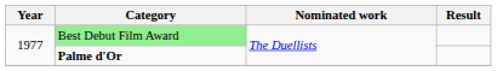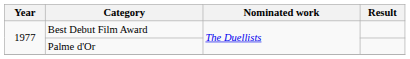 <table class=wikitable>
 <tr>
 <th scope="col" style="width:5em;">Year</th>
 <th scope="col" style="width:26em;">Category</th>
 <th scope="col" style="width:25em;">Nominated work</th>
 <th scope="col" style="width:5em;">Result</th>
 </tr>
 <tr>
 <td style="text-align:center;", rowspan=2>1977</td>
-<td style="background: lightgreen;">Best Debut Film Award</td>
+<td>Best Debut Film Award</td>
 <td rowspan=2><em><a href='#'>The Duellists</a></em></td>
 <td></td>
 </tr>
 <tr>
-<td><strong>Palme d'Or</strong></td>
+<td>Palme d'Or</td>
 <td></td>
 </tr>
 <tr>
 </tr>
 </table>
